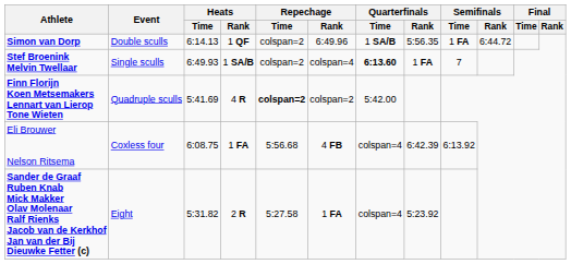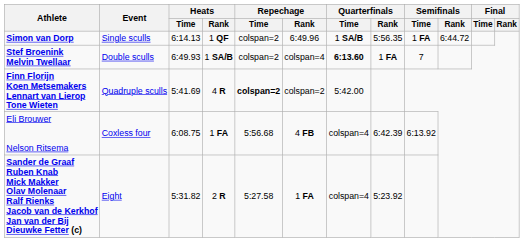 <table class=wikitable style=font-size:90%;text-align:center>
 <tr>
 <th rowspan=2>Athlete</th>
 <th rowspan=2>Event</th>
 <th colspan=2>Heats</th>
 <th colspan=2>Repechage</th>
 <th colspan=2>Quarterfinals</th>
 <th colspan=2>Semifinals</th>
 <th colspan=2>Final</th>
 </tr>
 <tr style=font-size:95%>
 <th>Time</th>
 <th>Rank</th>
 <th>Time</th>
 <th>Rank</th>
 <th>Time</th>
 <th>Rank</th>
 <th>Time</th>
 <th>Rank</th>
 <th>Time</th>
 <th>Rank</th>
 </tr>
 <tr>
 <td align=left><strong><a href='#'>Simon van Dorp</a></strong></td>
-<td align=left><a href='#'>Double sculls</a></td>
+<td align=left><a href='#'>Single sculls</a></td>
 <td>6:14.13</td>
 <td>1 <strong>QF</strong></td>
 <td>colspan=2 </td>
 <td>6:49.96</td>
 <td>1 <strong>SA/B</strong></td>
 <td>5:56.35</td>
 <td>1 <strong>FA</strong></td>
 <td>6:44.72</td>
 <td></td>
 </tr>
 <tr>
 <td align=left><strong><a href='#'>Stef Broenink</a><br><a href='#'>Melvin Twellaar</a></strong></td>
-<td align=left><a href='#'>Single sculls</a></td>
+<td align=left><a href='#'>Double sculls</a></td>
 <td>6:49.93</td>
 <td>1 <strong>SA/B</strong></td>
 <td>colspan=2 </td>
 <td>colspan=4 </td>
 <td><strong>6:13.60</strong></td>
 <td>1 <strong>FA</strong></td>
 <td>7</td>
 <td></td>
 </tr>
 <tr>
 <td align=left><strong><a href='#'>Finn Florijn</a><br><a href='#'>Koen Metsemakers</a><br><a href='#'>Lennart van Lierop</a><br><a href='#'>Tone Wieten</a></strong></td>
 <td align=left><a href='#'>Quadruple sculls</a></td>
 <td>5:41.69</td>
 <td>4 <strong>R</strong></td>
 <td><strong>colspan=2 </strong></td>
 <td>colspan=2 </td>
 <td>5:42.00</td>
 <td></td>
 </tr>
 <tr>
 <td align=left><a href='#'>Eli Brouwer</a><br><br><br><a href='#'>Nelson Ritsema</a></td>
 <td align=left><a href='#'>Coxless four</a></td>
 <td>6:08.75</td>
 <td>1 <strong>FA</strong></td>
 <td>5:56.68</td>
 <td>4 <strong>FB</strong></td>
 <td>colspan=4 </td>
 <td>6:42.39</td>
 <td>6:13.92</td>
 </tr>
 <tr>
 <td align=left><strong><a href='#'>Sander de Graaf</a><br><a href='#'>Ruben Knab</a><br><a href='#'>Mick Makker</a><br><a href='#'>Olav Molenaar</a><br><a href='#'>Ralf Rienks</a><br><a href='#'>Jacob van de Kerkhof</a><br><a href='#'>Jan van der Bij</a><br><a href='#'>Dieuwke Fetter</a> (c)</strong></td>
 <td align=left><a href='#'>Eight</a></td>
 <td>5:31.82</td>
 <td>2 <strong>R</strong></td>
 <td>5:27.58</td>
 <td>1 <strong>FA</strong></td>
 <td>colspan=4 </td>
 <td>5:23.92</td>
 <td></td>
 </tr>
 </table>
